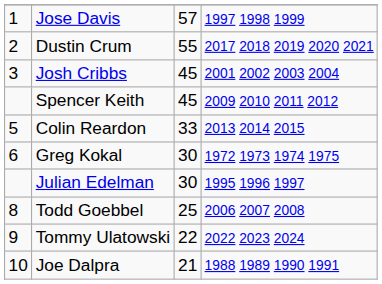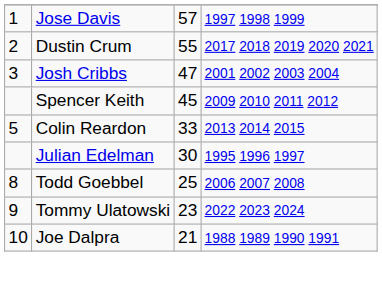 <table class="wikitable" style="display:inline-table;">
 <tr>
 </tr>
 <tr>
 <td>1</td>
 <td><a href='#'>Jose Davis</a></td>
 <td>57</td>
 <td style="font-size:80%;"><a href='#'>1997</a> <a href='#'>1998</a> <a href='#'>1999</a></td>
 </tr>
 <tr>
 <td>2</td>
 <td>Dustin Crum</td>
 <td>55</td>
 <td style="font-size:80%;"><a href='#'>2017</a> <a href='#'>2018</a> <a href='#'>2019</a> <a href='#'>2020</a> <a href='#'>2021</a></td>
 </tr>
 <tr>
 <td>3</td>
 <td><a href='#'>Josh Cribbs</a></td>
-<td>45</td>
+<td>47</td>
 <td style="font-size:80%;"><a href='#'>2001</a> <a href='#'>2002</a> <a href='#'>2003</a> <a href='#'>2004</a></td>
 </tr>
 <tr>
 <td></td>
 <td>Spencer Keith</td>
 <td>45</td>
 <td style="font-size:80%;"><a href='#'>2009</a> <a href='#'>2010</a> <a href='#'>2011</a> <a href='#'>2012</a></td>
 </tr>
 <tr>
 <td>5</td>
 <td>Colin Reardon</td>
 <td>33</td>
 <td style="font-size:80%;"><a href='#'>2013</a> <a href='#'>2014</a> <a href='#'>2015</a></td>
-</tr>
-<tr>
-<td>6</td>
-<td>Greg Kokal</td>
-<td>30</td>
-<td style="font-size:80%;"><a href='#'>1972</a> <a href='#'>1973</a> <a href='#'>1974</a> <a href='#'>1975</a></td>
 </tr>
 <tr>
 <td></td>
 <td><a href='#'>Julian Edelman</a></td>
 <td>30</td>
 <td style="font-size:80%;"><a href='#'>1995</a> <a href='#'>1996</a> <a href='#'>1997</a></td>
 </tr>
 <tr>
 <td>8</td>
 <td>Todd Goebbel</td>
 <td>25</td>
 <td style="font-size:80%;"><a href='#'>2006</a> <a href='#'>2007</a> <a href='#'>2008</a></td>
 </tr>
 <tr>
 <td>9</td>
 <td>Tommy Ulatowski</td>
-<td>22</td>
+<td>23</td>
 <td style="font-size:80%;"><a href='#'>2022</a> <a href='#'>2023</a> <a href='#'>2024</a></td>
 </tr>
 <tr>
 <td>10</td>
 <td>Joe Dalpra</td>
 <td>21</td>
 <td style="font-size:80%;"><a href='#'>1988</a> <a href='#'>1989</a> <a href='#'>1990</a> <a href='#'>1991</a></td>
 </tr>
 </table>
